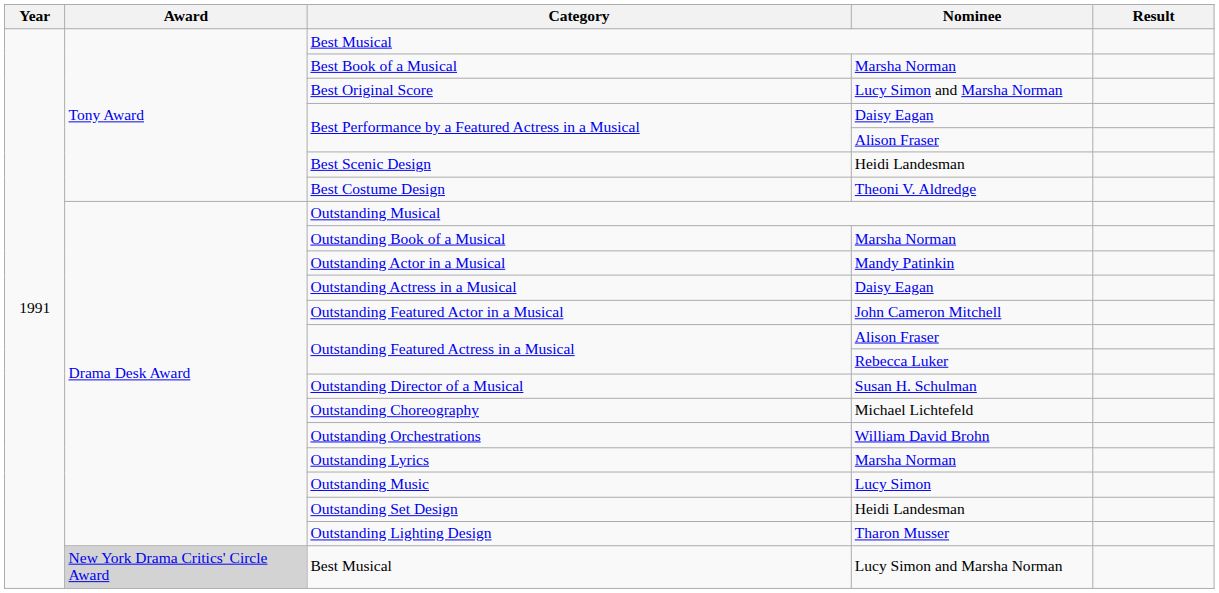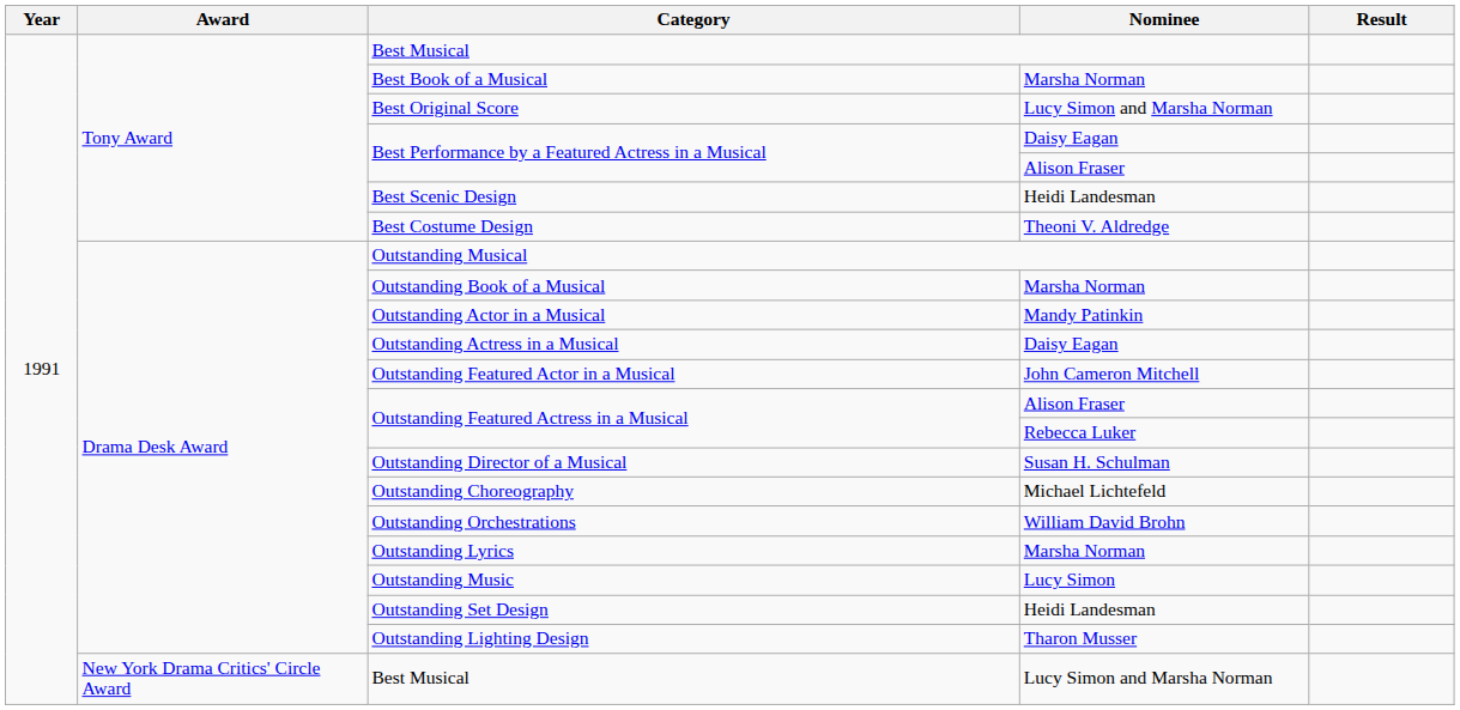 <table class="wikitable">
 <tr>
 <th width="5%">Year</th>
 <th width="20%">Award</th>
 <th width="45%">Category</th>
 <th width="20%">Nominee</th>
 <th width="10%">Result</th>
 </tr>
 <tr>
 <td rowspan="22" align="center">1991</td>
 <td rowspan="7"><a href='#'>Tony Award</a></td>
 <td colspan="2"><a href='#'>Best Musical</a></td>
 <td></td>
 </tr>
 <tr>
 <td><a href='#'>Best Book of a Musical</a></td>
 <td><a href='#'>Marsha Norman</a></td>
 <td></td>
 </tr>
 <tr>
 <td><a href='#'>Best Original Score</a></td>
 <td><a href='#'>Lucy Simon</a> and <a href='#'>Marsha Norman</a></td>
 <td></td>
 </tr>
 <tr>
 <td rowspan="2"><a href='#'>Best Performance by a Featured Actress in a Musical</a></td>
 <td><a href='#'>Daisy Eagan</a></td>
 <td></td>
 </tr>
 <tr>
 <td><a href='#'>Alison Fraser</a></td>
 <td></td>
 </tr>
 <tr>
 <td><a href='#'>Best Scenic Design</a></td>
 <td>Heidi Landesman</td>
 <td></td>
 </tr>
 <tr>
 <td><a href='#'>Best Costume Design</a></td>
 <td><a href='#'>Theoni V. Aldredge</a></td>
 <td></td>
 </tr>
 <tr>
 <td rowspan="14"><a href='#'>Drama Desk Award</a></td>
 <td colspan="2"><a href='#'>Outstanding Musical</a></td>
 <td></td>
 </tr>
 <tr>
 <td><a href='#'>Outstanding Book of a Musical</a></td>
 <td><a href='#'>Marsha Norman</a></td>
 <td></td>
 </tr>
 <tr>
 <td><a href='#'>Outstanding Actor in a Musical</a></td>
 <td><a href='#'>Mandy Patinkin</a></td>
 <td></td>
 </tr>
 <tr>
 <td><a href='#'>Outstanding Actress in a Musical</a></td>
 <td><a href='#'>Daisy Eagan</a></td>
 <td></td>
 </tr>
 <tr>
 <td><a href='#'>Outstanding Featured Actor in a Musical</a></td>
 <td><a href='#'>John Cameron Mitchell</a></td>
 <td></td>
 </tr>
 <tr>
 <td rowspan="2"><a href='#'>Outstanding Featured Actress in a Musical</a></td>
 <td><a href='#'>Alison Fraser</a></td>
 <td></td>
 </tr>
 <tr>
 <td><a href='#'>Rebecca Luker</a></td>
 <td></td>
 </tr>
 <tr>
 <td><a href='#'>Outstanding Director of a Musical</a></td>
 <td><a href='#'>Susan H. Schulman</a></td>
 <td></td>
 </tr>
 <tr>
 <td><a href='#'>Outstanding Choreography</a></td>
 <td>Michael Lichtefeld</td>
 <td></td>
 </tr>
 <tr>
 <td><a href='#'>Outstanding Orchestrations</a></td>
 <td><a href='#'>William David Brohn</a></td>
 <td></td>
 </tr>
 <tr>
 <td><a href='#'>Outstanding Lyrics</a></td>
 <td><a href='#'>Marsha Norman</a></td>
 <td></td>
 </tr>
 <tr>
 <td><a href='#'>Outstanding Music</a></td>
 <td><a href='#'>Lucy Simon</a></td>
 <td></td>
 </tr>
 <tr>
 <td><a href='#'>Outstanding Set Design</a></td>
 <td>Heidi Landesman</td>
 <td></td>
 </tr>
 <tr>
 <td><a href='#'>Outstanding Lighting Design</a></td>
 <td><a href='#'>Tharon Musser</a></td>
 <td></td>
 </tr>
 <tr>
-<td style="background: lightgrey;"><a href='#'>New York Drama Critics' Circle Award</a></td>
+<td><a href='#'>New York Drama Critics' Circle Award</a></td>
 <td>Best Musical</td>
 <td>Lucy Simon and Marsha Norman</td>
 <td></td>
 </tr>
 </table>
